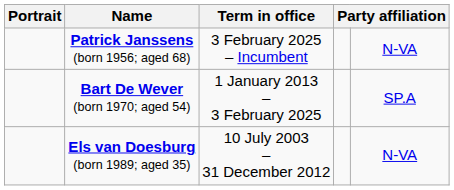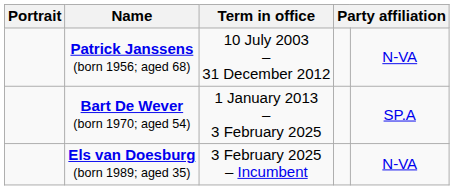 <table class="wikitable" style="text-align: center">
 <tr>
 <th>Portrait</th>
 <th>Name</th>
 <th>Term in office</th>
 <th colspan="2">Party affiliation</th>
 </tr>
 <tr>
 <td></td>
 <td><strong><a href='#'>Patrick Janssens</a></strong><br><small>(born 1956; aged 68)</small></td>
-<td>3 February 2025<br>– <a href='#'>Incumbent</a></td>
+<td><span>10 July 2003</span><br>–<br><span>31 December 2012</span></td>
 <td style="background: "></td>
 <td><a href='#'>N-VA</a></td>
 </tr>
 <tr>
 <td></td>
 <td><strong><a href='#'>Bart De Wever</a></strong><br><small>(born 1970; aged 54)</small></td>
 <td><span>1 January 2013</span><br>–<br>3 February 2025</td>
 <td style="background: "></td>
 <td><a href='#'>SP.A</a></td>
 </tr>
 <tr>
 <td></td>
 <td><strong><a href='#'>Els van Doesburg</a></strong><br><small>(born 1989; aged 35)</small></td>
-<td><span>10 July 2003</span><br>–<br><span>31 December 2012</span></td>
+<td>3 February 2025<br>– <a href='#'>Incumbent</a></td>
 <td style="background: "></td>
 <td><a href='#'>N-VA</a></td>
 </tr>
 </table>
